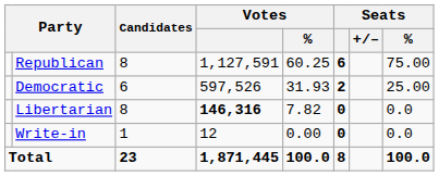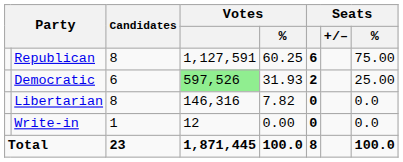 <table class="wikitable" style="font-size: 95%;">
 <tr>
 <th colspan="2" rowspan="2">Party</th>
 <th rowspan="2"><small>Candi</small><small>dates</small></th>
 <th colspan="2">Votes</th>
 <th colspan="3">Seats</th>
 </tr>
 <tr>
 <th></th>
 <th>%</th>
 <th></th>
 <th>+/–</th>
 <th>%</th>
 </tr>
 <tr>
 <td style="background:"></td>
 <td align="left"><a href='#'>Republican</a></td>
 <td>8</td>
 <td>1,127,591</td>
 <td>60.25</td>
 <td><strong>6</strong></td>
 <td></td>
 <td>75.00</td>
 </tr>
 <tr>
 <td style="background:"></td>
 <td align="left"><a href='#'>Democratic</a></td>
 <td>6</td>
-<td>597,526</td>
+<td style="background: lightgreen;">597,526</td>
 <td>31.93</td>
 <td><strong>2</strong></td>
 <td></td>
 <td>25.00</td>
 </tr>
 <tr>
 <td style="background:"></td>
 <td align="left"><a href='#'>Libertarian</a></td>
 <td>8</td>
-<td><strong>146,316</strong></td>
+<td>146,316</td>
 <td>7.82</td>
 <td><strong>0</strong></td>
 <td></td>
 <td>0.0</td>
 </tr>
 <tr>
 <td style="background:"></td>
 <td align="left"><a href='#'>Write-in</a></td>
 <td>1</td>
 <td>12</td>
 <td>0.00</td>
 <td><strong>0</strong></td>
 <td></td>
 <td>0.0</td>
 </tr>
 <tr style="font-weight:bold">
 <td colspan="2" align="left">Total</td>
 <td>23</td>
 <td>1,871,445</td>
 <td>100.0</td>
 <td>8</td>
 <td></td>
 <td>100.0</td>
 </tr>
 </table>
